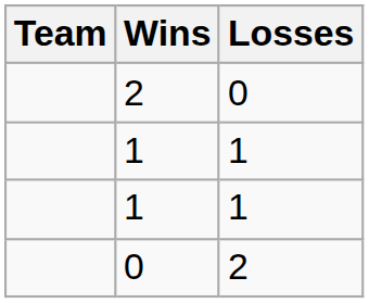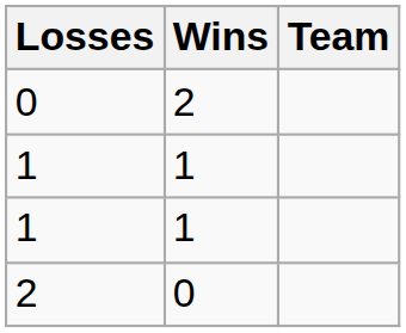 <table class=wikitable>
 <tr>
+<th>Losses</th>
+<th>Wins</th>
 <th>Team</th>
-<th>Wins</th>
-<th>Losses</th>
 </tr>
 <tr>
+<td>0</td>
+<td>2</td>
 <td><strong></strong></td>
+</tr>
+<tr>
+<td>1</td>
+<td>1</td>
+<td></td>
+</tr>
+<tr>
+<td>1</td>
+<td>1</td>
+<td></td>
+</tr>
+<tr>
 <td>2</td>
 <td>0</td>
-</tr>
-<tr>
 <td></td>
-<td>1</td>
-<td>1</td>
-</tr>
-<tr>
-<td></td>
-<td>1</td>
-<td>1</td>
-</tr>
-<tr>
-<td></td>
-<td>0</td>
-<td>2</td>
 </tr>
 </table>
